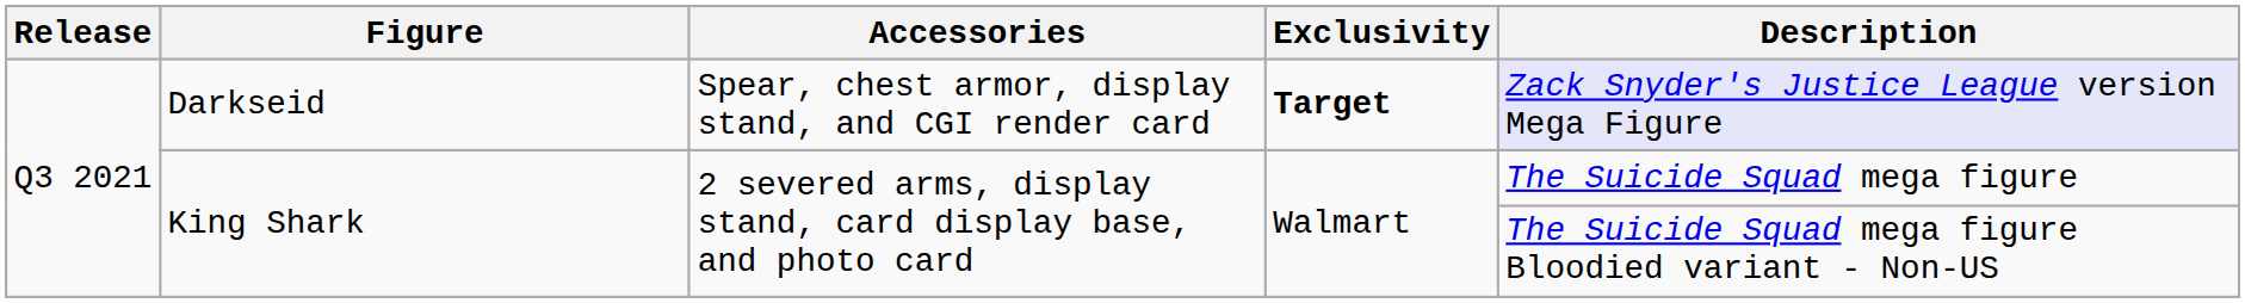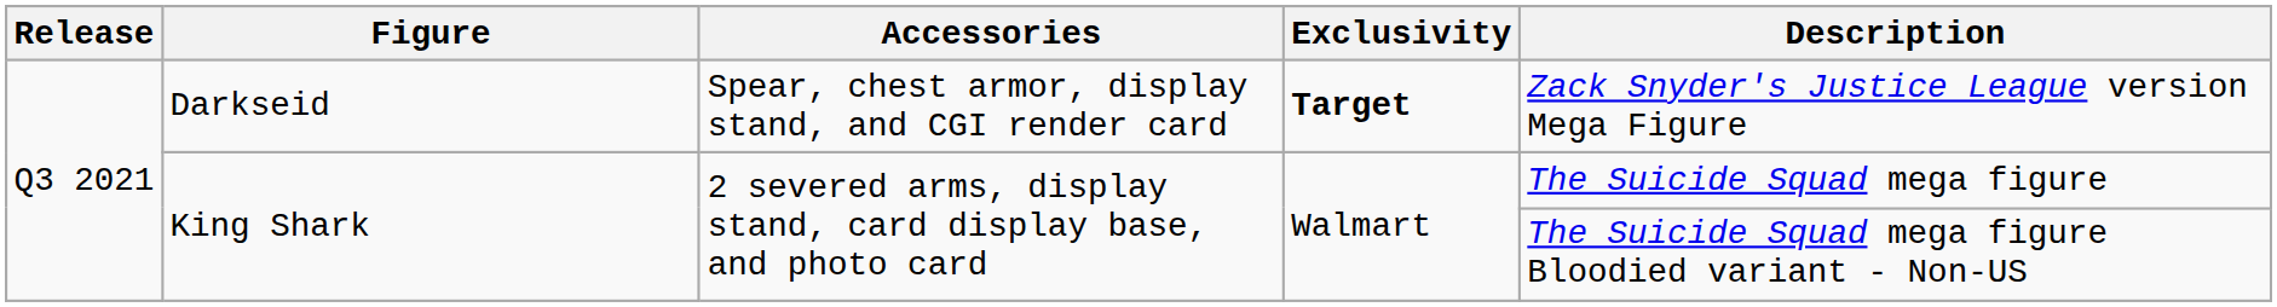 <table class="wikitable" style="width:100%;">
 <tr>
 <th width=5%!scope="col">Release</th>
 <th width=25%!scope="col">Figure</th>
 <th width=27%!scope="col">Accessories</th>
 <th width=8%!scope="col">Exclusivity</th>
 <th width=35%!scope="col">Description</th>
 </tr>
 <tr>
 <td rowspan=3>Q3 2021</td>
 <td>Darkseid</td>
 <td>Spear, chest armor, display stand, and CGI render card</td>
 <td><strong>Target</strong></td>
-<td style="background: lavender;"><em><a href='#'>Zack Snyder's Justice League</a></em> version<br>Mega Figure</td>
+<td><em><a href='#'>Zack Snyder's Justice League</a></em> version<br>Mega Figure</td>
 </tr>
 <tr>
 <td rowspan=2>King Shark</td>
 <td rowspan=2>2 severed arms, display stand, card display base, and photo card</td>
 <td rowspan=2>Walmart</td>
 <td><em><a href='#'>The Suicide Squad</a></em> mega figure</td>
 </tr>
 <tr>
 <td><em><a href='#'>The Suicide Squad</a></em> mega figure<br>Bloodied variant - Non-US</td>
 </tr>
 </table>
